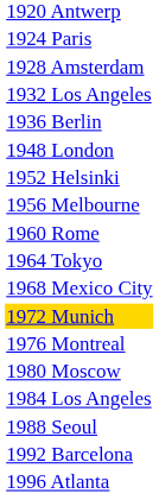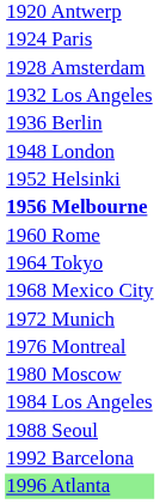 <table>
 <tr>
 <td><a href='#'>1920 Antwerp</a><br></td>
 <td></td>
 <td></td>
 <td></td>
 </tr>
 <tr>
 <td><a href='#'>1924 Paris</a><br></td>
 <td></td>
 <td></td>
 <td></td>
 </tr>
 <tr>
 <td><a href='#'>1928 Amsterdam</a><br></td>
 <td></td>
 <td></td>
 <td></td>
 </tr>
 <tr>
 <td><a href='#'>1932 Los Angeles</a><br></td>
 <td></td>
 <td></td>
 <td></td>
 </tr>
 <tr>
 <td><a href='#'>1936 Berlin</a><br></td>
 <td></td>
 <td></td>
 <td></td>
 </tr>
 <tr>
 <td><a href='#'>1948 London</a><br></td>
 <td></td>
 <td></td>
 <td></td>
 </tr>
 <tr>
 <td><a href='#'>1952 Helsinki</a><br></td>
 <td></td>
 <td></td>
 <td></td>
 </tr>
 <tr>
-<td><a href='#'>1956 Melbourne</a><br></td>
+<td><strong><a href='#'>1956 Melbourne</a><br></strong></td>
 <td></td>
 <td></td>
 <td></td>
 </tr>
 <tr>
 <td><a href='#'>1960 Rome</a><br></td>
 <td></td>
 <td></td>
 <td></td>
 </tr>
 <tr>
 <td><a href='#'>1964 Tokyo</a><br></td>
 <td></td>
 <td></td>
 <td></td>
 </tr>
 <tr>
 <td><a href='#'>1968 Mexico City</a><br></td>
 <td></td>
 <td></td>
 <td></td>
 </tr>
 <tr>
-<td style="background: gold;"><a href='#'>1972 Munich</a><br></td>
+<td><a href='#'>1972 Munich</a><br></td>
 <td></td>
 <td></td>
 <td></td>
 </tr>
 <tr>
 <td><a href='#'>1976 Montreal</a><br></td>
 <td></td>
 <td></td>
 <td></td>
 </tr>
 <tr>
 <td><a href='#'>1980 Moscow</a><br></td>
 <td></td>
 <td></td>
 <td></td>
 </tr>
 <tr>
 <td><a href='#'>1984 Los Angeles</a><br></td>
 <td></td>
 <td></td>
 <td></td>
 </tr>
 <tr>
 <td><a href='#'>1988 Seoul</a><br></td>
 <td></td>
 <td></td>
 <td></td>
 </tr>
 <tr>
 <td><a href='#'>1992 Barcelona</a><br></td>
 <td></td>
 <td></td>
 <td></td>
 </tr>
 <tr>
-<td><a href='#'>1996 Atlanta</a><br></td>
+<td style="background: lightgreen;"><a href='#'>1996 Atlanta</a><br></td>
 <td></td>
 <td></td>
 <td></td>
 </tr>
 </table>
